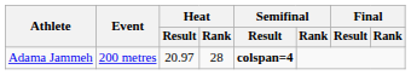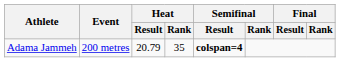 <table class="wikitable" style="font-size:90%">
 <tr>
 <th rowspan="2">Athlete</th>
 <th rowspan="2">Event</th>
 <th colspan="2">Heat</th>
 <th colspan="2">Semifinal</th>
 <th colspan="2">Final</th>
 </tr>
 <tr style="font-size:95%">
 <th>Result</th>
 <th>Rank</th>
 <th>Result</th>
 <th>Rank</th>
 <th>Result</th>
 <th>Rank</th>
 </tr>
 <tr style=text-align:center>
 <td style=text-align:left><a href='#'>Adama Jammeh</a></td>
 <td style=text-align:left><a href='#'>200 metres</a></td>
-<td>20.97</td>
-<td>28</td>
+<td>20.79</td>
+<td>35</td>
 <td><strong>colspan=4 </strong></td>
 </tr>
 </table>
